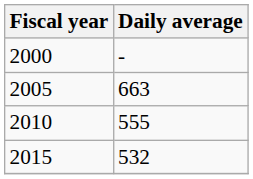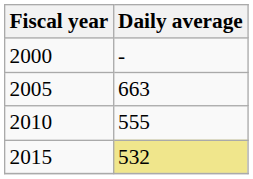 <table class="wikitable">
 <tr>
 <th>Fiscal year</th>
 <th>Daily average</th>
 </tr>
 <tr>
 <td>2000</td>
 <td 801>-</td>
 </tr>
 <tr>
 <td>2005</td>
 <td>663</td>
 </tr>
 <tr>
 <td>2010</td>
 <td>555</td>
 </tr>
 <tr>
 <td>2015</td>
-<td>532</td>
+<td style="background: khaki;">532</td>
 </tr>
 <tr>
 </tr>
 </table>
